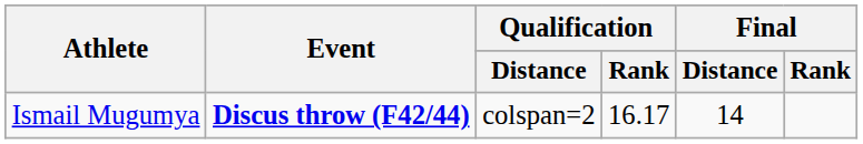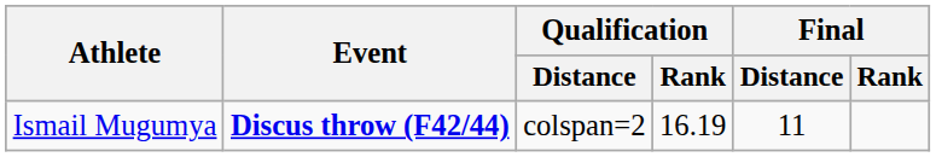 <table class="wikitable" style="font-size:90%">
 <tr>
 <th rowspan=2>Athlete</th>
 <th rowspan=2>Event</th>
 <th colspan=2>Qualification</th>
 <th colspan=2>Final</th>
 </tr>
 <tr style="font-size:95%">
 <th>Distance</th>
 <th>Rank</th>
 <th>Distance</th>
 <th>Rank</th>
 </tr>
 <tr align=center>
 <td align=left><a href='#'>Ismail Mugumya</a></td>
 <td align=left><strong><a href='#'>Discus throw (F42/44)</a></strong></td>
 <td>colspan=2 </td>
-<td>16.17</td>
-<td>14</td>
+<td>16.19</td>
+<td>11</td>
 </tr>
 </table>
